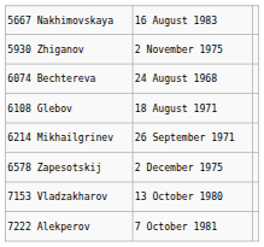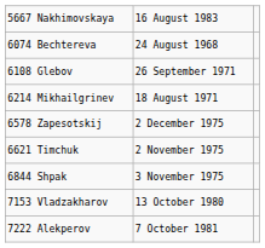 <table class="wikitable" style="font-size: 89%; float: left; width: 26em; margin-right: 1em; height: 280px;">
 <tr>
 <td>5667 Nakhimovskaya</td>
 <td>16 August 1983</td>
-<td></td>
-</tr>
-<tr>
-<td>5930 Zhiganov</td>
-<td>2 November 1975</td>
 <td></td>
 </tr>
 <tr>
 <td>6074 Bechtereva</td>
 <td>24 August 1968</td>
 <td></td>
 </tr>
 <tr>
 <td>6108 Glebov</td>
-<td>18 August 1971</td>
+<td>26 September 1971</td>
 <td></td>
 </tr>
 <tr>
 <td>6214 Mikhailgrinev</td>
-<td>26 September 1971</td>
+<td>18 August 1971</td>
 <td></td>
 </tr>
 <tr>
 <td>6578 Zapesotskij</td>
 <td>2 December 1975</td>
+<td></td>
+</tr>
+<tr>
+<td>6621 Timchuk</td>
+<td>2 November 1975</td>
+<td></td>
+</tr>
+<tr>
+<td>6844 Shpak</td>
+<td>3 November 1975</td>
 <td></td>
 </tr>
 <tr>
 <td>7153 Vladzakharov</td>
 <td>13 October 1980</td>
 <td></td>
 </tr>
 <tr>
 <td>7222 Alekperov</td>
 <td>7 October 1981</td>
 <td></td>
 </tr>
 </table>
